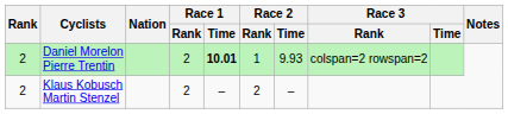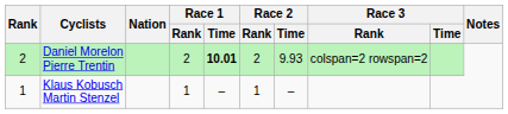 <table class="wikitable sortable" style="text-align:center">
 <tr>
 <th rowspan=2>Rank</th>
 <th rowspan=2>Cyclists</th>
 <th rowspan=2>Nation</th>
 <th colspan=2>Race 1</th>
 <th colspan=2>Race 2</th>
 <th colspan=2>Race 3</th>
 <th rowspan=2>Notes</th>
 </tr>
 <tr>
 <th>Rank</th>
 <th>Time</th>
 <th>Rank</th>
 <th>Time</th>
 <th>Rank</th>
 <th>Time</th>
 </tr>
 <tr bgcolor=bbf3bb>
 <td>2</td>
 <td align=left><a href='#'>Daniel Morelon</a><br><a href='#'>Pierre Trentin</a></td>
 <td align=left></td>
 <td>2</td>
 <td><strong>10.01</strong></td>
-<td>1</td>
+<td>2</td>
 <td>9.93</td>
 <td>colspan=2 rowspan=2 </td>
 <td></td>
 </tr>
 <tr>
-<td>2</td>
+<td>1</td>
 <td align=left><a href='#'>Klaus Kobusch</a><br><a href='#'>Martin Stenzel</a></td>
 <td align=left></td>
-<td>2</td>
+<td>1</td>
 <td>–</td>
-<td>2</td>
+<td>1</td>
 <td>–</td>
 <td></td>
 </tr>
 </table>
